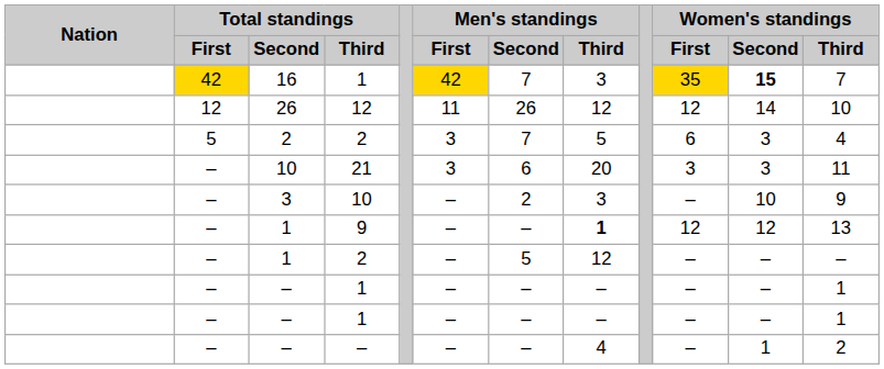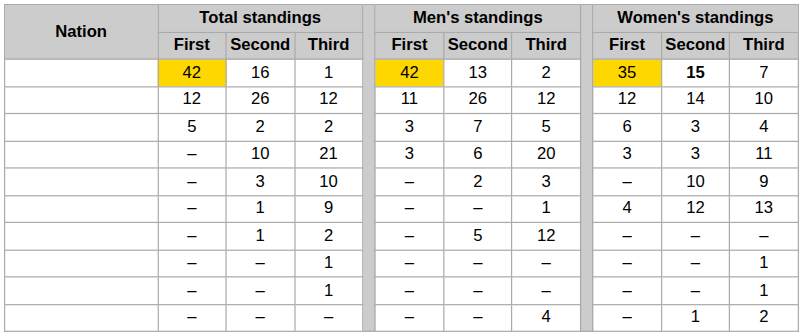 <table class="wikitable plainrowheaders" style="background:#fff; font-size:86%; line-height:16px; border:grey solid 1px; border-collapse:collapse">
 <tr>
 <th style="background-color: #ccc;" rowspan="2" width="120">Nation</th>
 <th style="background-color: #ccc;" colspan="3" width="150">Total standings</th>
 <th style="background-color: #ccc;" rowspan="12" width="2"> </th>
 <th style="background-color: #ccc;" colspan="3" width="150">Men's standings</th>
 <th style="background-color: #ccc;" rowspan="12" width="2"> </th>
 <th style="background-color: #ccc;" colspan="3" width="150">Women's standings</th>
 </tr>
 <tr style="background:#ccc; text-align:center;">
 <th style="background-color: #ccc;" width="50">First</th>
 <th style="background-color: #ccc;" width="50">Second</th>
 <th style="background-color: #ccc;" width="50">Third</th>
 <th style="background-color: #ccc;" width="50">First</th>
 <th style="background-color: #ccc;" width="50">Second</th>
 <th style="background-color: #ccc;" width="50">Third</th>
 <th style="background-color: #ccc;" width="50">First</th>
 <th style="background-color: #ccc;" width="50">Second</th>
 <th style="background-color: #ccc;" width="50">Third</th>
 </tr>
 <tr align=center>
 <td align=left></td>
 <td style="background:gold;">42</td>
 <td>16</td>
 <td>1</td>
 <td style="background:gold;">42</td>
-<td>7</td>
-<td>3</td>
+<td>13</td>
+<td>2</td>
 <td style="background:gold;">35</td>
 <td><strong>15</strong></td>
 <td>7</td>
 </tr>
 <tr align=center>
 <td align=left> </td>
 <td>12</td>
 <td>26</td>
 <td>12</td>
 <td>11</td>
 <td>26</td>
 <td>12</td>
 <td>12</td>
 <td>14</td>
 <td>10</td>
 </tr>
 <tr align=center>
 <td align=left></td>
 <td>5</td>
 <td>2</td>
 <td>2</td>
 <td>3</td>
 <td>7</td>
 <td>5</td>
 <td>6</td>
 <td>3</td>
 <td>4</td>
 </tr>
 <tr align=center>
 <td align=left></td>
 <td>–</td>
 <td>10</td>
 <td>21</td>
 <td>3</td>
 <td>6</td>
 <td>20</td>
 <td>3</td>
 <td>3</td>
 <td>11</td>
 </tr>
 <tr align=center>
 <td align=left></td>
 <td>–</td>
 <td>3</td>
 <td>10</td>
 <td>–</td>
 <td>2</td>
 <td>3</td>
 <td>–</td>
 <td>10</td>
 <td>9</td>
 </tr>
 <tr align=center>
 <td align=left></td>
 <td>–</td>
 <td>1</td>
 <td>9</td>
 <td>–</td>
 <td>–</td>
-<td><strong>1</strong></td>
-<td>12</td>
+<td>1</td>
+<td>4</td>
 <td>12</td>
 <td>13</td>
 </tr>
 <tr align=center>
 <td align=left></td>
 <td>–</td>
 <td>1</td>
 <td>2</td>
 <td>–</td>
 <td>5</td>
 <td>12</td>
 <td>–</td>
 <td>–</td>
 <td>–</td>
 </tr>
 <tr align=center>
 <td align=left></td>
 <td>–</td>
 <td>–</td>
 <td>1</td>
 <td>–</td>
 <td>–</td>
 <td>–</td>
 <td>–</td>
 <td>–</td>
 <td>1</td>
 </tr>
 <tr align=center>
 <td align=left></td>
 <td>–</td>
 <td>–</td>
 <td>1</td>
 <td>–</td>
 <td>–</td>
 <td>–</td>
 <td>–</td>
 <td>–</td>
 <td>1</td>
 </tr>
 <tr align=center>
 <td align=left></td>
 <td>–</td>
 <td>–</td>
 <td>–</td>
 <td>–</td>
 <td>–</td>
 <td>4</td>
 <td>–</td>
 <td>1</td>
 <td>2</td>
 </tr>
 </table>
